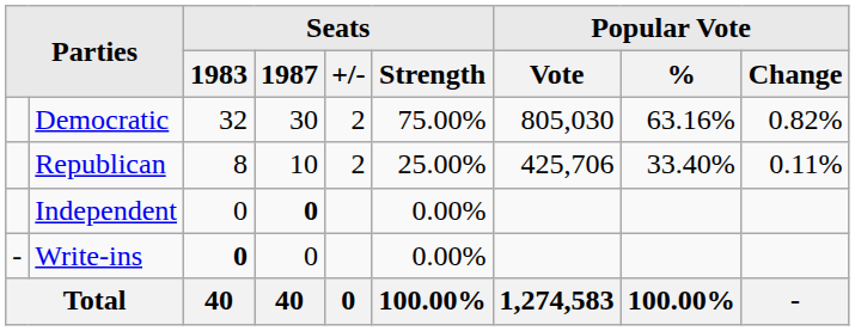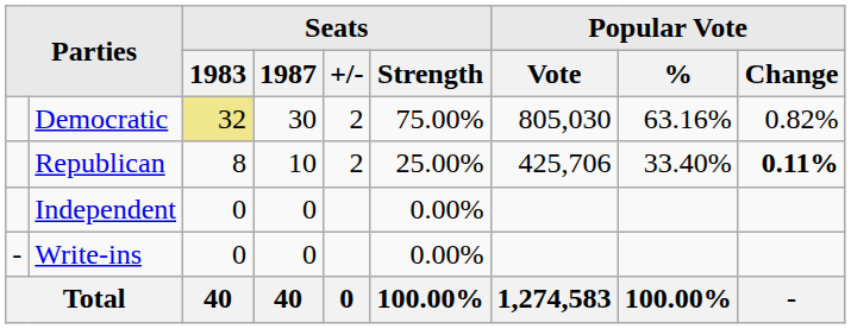 <table class=wikitable>
 <tr>
 <th style="background-color:#E9E9E9" align=center rowspan= 2 colspan=2>Parties</th>
 <th style="background-color:#E9E9E9" align=center colspan=4>Seats</th>
 <th style="background-color:#E9E9E9" align=center colspan=3>Popular Vote</th>
 </tr>
 <tr>
 <th align=center>1983</th>
 <th align=center>1987</th>
 <th align=center>+/-</th>
 <th align=center>Strength</th>
 <th align=center>Vote</th>
 <th align=center>%</th>
 <th align=center>Change</th>
 </tr>
 <tr>
 <td></td>
 <td align=left><a href='#'>Democratic</a></td>
-<td align=right >32</td>
+<td align=right  style="background: khaki;">32</td>
 <td align=right >30</td>
 <td align=right> 2</td>
 <td align=right >75.00%</td>
 <td align=right >805,030</td>
 <td align=right >63.16%</td>
 <td align=right> 0.82%</td>
 </tr>
 <tr>
 <td></td>
 <td align=left><a href='#'>Republican</a></td>
 <td align=right>8</td>
 <td align=right>10</td>
 <td align=right> 2</td>
 <td align=right>25.00%</td>
 <td align=right>425,706</td>
 <td align=right>33.40%</td>
-<td align=right> 0.11%</td>
+<td align=right><strong> 0.11%</strong></td>
 </tr>
 <tr>
 <td></td>
 <td><a href='#'>Independent</a></td>
 <td align=right>0</td>
-<td align=right><strong>0</strong></td>
+<td align=right>0</td>
 <td align=right></td>
 <td align=right>0.00%</td>
 <td align=right></td>
 <td align=right></td>
 <td align=right></td>
 </tr>
 <tr>
 <td>-</td>
 <td><a href='#'>Write-ins</a></td>
-<td align=right><strong>0</strong></td>
+<td align=right>0</td>
 <td align=right>0</td>
 <td align=right></td>
 <td align=right>0.00%</td>
 <td align=right></td>
 <td align=right></td>
 <td align=right></td>
 </tr>
 <tr>
 <th align=center colspan="2">Total</th>
 <th align=center>40</th>
 <th align=center>40</th>
 <th align=center>0</th>
 <th align=center>100.00%</th>
 <th align=center>1,274,583</th>
 <th align=center>100.00%</th>
 <th align=center>-</th>
 </tr>
 </table>
